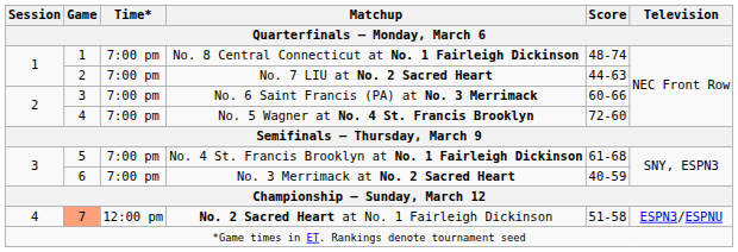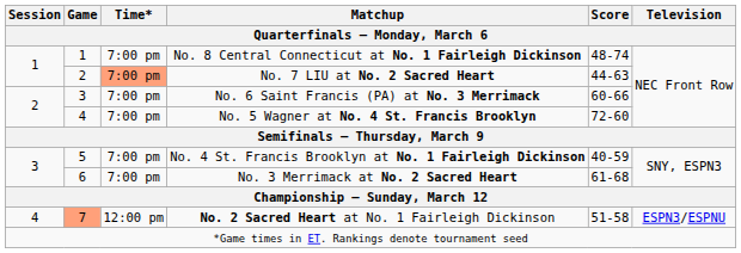 <table class="wikitable" style="font-size: 95%;text-align:center">
 <tr>
 <th>Session</th>
 <th>Game</th>
 <th>Time*</th>
 <th>Matchup</th>
 <th>Score</th>
 <th>Television</th>
 </tr>
 <tr>
 <th colspan="6">Quarterfinals – Monday, March 6</th>
 </tr>
 <tr>
 <td rowspan="2">1</td>
 <td>1</td>
 <td>7:00 pm</td>
 <td>No. 8 Central Connecticut at <strong>No. 1 Fairleigh Dickinson</strong></td>
 <td>48-74</td>
 <td rowspan="4">NEC Front Row</td>
 </tr>
 <tr>
 <td>2</td>
-<td>7:00 pm</td>
+<td style="background: lightsalmon;">7:00 pm</td>
 <td>No. 7 LIU at <strong>No. 2 Sacred Heart</strong></td>
 <td>44-63</td>
 </tr>
 <tr>
 <td rowspan="2”">2</td>
 <td>3</td>
 <td>7:00 pm</td>
 <td>No. 6 Saint Francis (PA) at <strong>No. 3 Merrimack</strong></td>
 <td>60-66</td>
 </tr>
 <tr>
 <td>4</td>
 <td>7:00 pm</td>
 <td>No. 5 Wagner at <strong>No. 4 St. Francis Brooklyn</strong></td>
 <td>72-60</td>
 </tr>
 <tr>
 <th colspan="6">Semifinals – Thursday, March 9</th>
 </tr>
 <tr>
 <td rowspan="2">3</td>
 <td>5</td>
 <td>7:00 pm</td>
 <td>No. 4 St. Francis Brooklyn at <strong>No. 1 Fairleigh Dickinson</strong></td>
-<td>61-68</td>
+<td>40-59</td>
 <td rowspan="2">SNY, ESPN3</td>
 </tr>
 <tr>
 <td>6</td>
 <td>7:00 pm</td>
 <td>No. 3 Merrimack at <strong>No. 2 Sacred Heart</strong></td>
-<td>40-59</td>
+<td>61-68</td>
 </tr>
 <tr>
 <th colspan="6">Championship – Sunday, March 12</th>
 </tr>
 <tr>
 <td>4</td>
 <td style="background: lightsalmon;">7</td>
 <td>12:00 pm</td>
 <td><strong>No. 2 Sacred Heart</strong> at No. 1 Fairleigh Dickinson</td>
 <td>51-58</td>
 <td><a href='#'>ESPN3</a>/<a href='#'>ESPNU</a></td>
 </tr>
 <tr>
 <td colspan="6"><small>*Game times in <a href='#'>ET</a>. Rankings denote tournament seed</small></td>
 </tr>
 </table>
